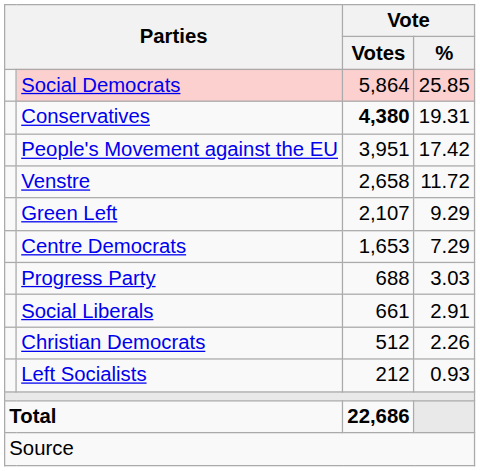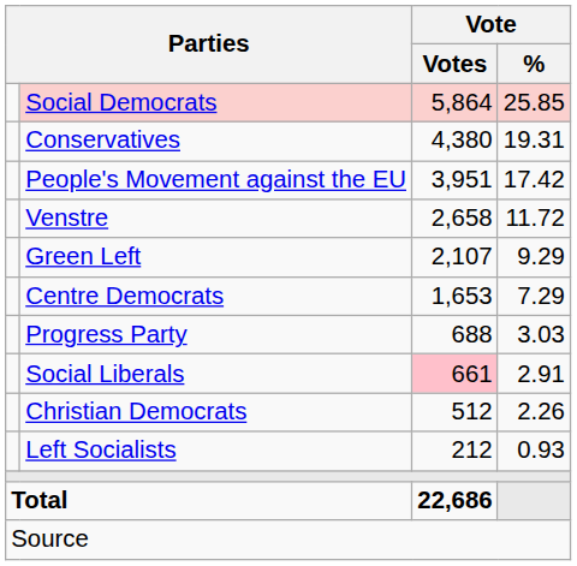 <table class="wikitable" style="text-align:right;">
 <tr>
 <th style="text-align:centre;" rowspan="2" colspan="2" width="225">Parties</th>
 <th colspan="3">Vote</th>
 </tr>
 <tr>
 <th width="15">Votes</th>
 <th width="15">%</th>
 </tr>
 <tr>
 <td width="2" style="color:inherit;background:"></td>
 <td bgcolor=#fbd0ce   align="left"><a href='#'>Social Democrats</a></td>
 <td bgcolor=#fbd0ce>5,864</td>
 <td bgcolor=#fbd0ce>25.85</td>
 </tr>
 <tr>
 <td width="2" style="color:inherit;background:"></td>
 <td align="left"><a href='#'>Conservatives</a></td>
-<td><strong>4,380</strong></td>
+<td>4,380</td>
 <td>19.31</td>
 </tr>
 <tr>
 <td width="2" style="color:inherit;background:"></td>
 <td align="left"><a href='#'>People's Movement against the EU</a></td>
 <td>3,951</td>
 <td>17.42</td>
 </tr>
 <tr>
 <td width="2" style="color:inherit;background:"></td>
 <td align="left"><a href='#'>Venstre</a></td>
 <td>2,658</td>
 <td>11.72</td>
 </tr>
 <tr>
 <td width="2" style="color:inherit;background:"></td>
 <td align="left"><a href='#'>Green Left</a></td>
 <td>2,107</td>
 <td>9.29</td>
 </tr>
 <tr>
 <td width="2" style="color:inherit;background:"></td>
 <td align="left"><a href='#'>Centre Democrats</a></td>
 <td>1,653</td>
 <td>7.29</td>
 </tr>
 <tr>
 <td width="2" style="color:inherit;background:"></td>
 <td align="left"><a href='#'>Progress Party</a></td>
 <td>688</td>
 <td>3.03</td>
 </tr>
 <tr>
 <td width="2" style="color:inherit;background:"></td>
 <td align="left"><a href='#'>Social Liberals</a></td>
-<td>661</td>
+<td style="background: pink;">661</td>
 <td>2.91</td>
 </tr>
 <tr>
 <td width="2" style="color:inherit;background:"></td>
 <td align="left"><a href='#'>Christian Democrats</a></td>
 <td>512</td>
 <td>2.26</td>
 </tr>
 <tr>
 <td width="2" style="color:inherit;background:"></td>
 <td align="left"><a href='#'>Left Socialists</a></td>
 <td>212</td>
 <td>0.93</td>
 </tr>
 <tr>
 <td colspan="7" bgcolor="#E9E9E9"></td>
 </tr>
 <tr>
 <td align="left" colspan="2"><strong>Total</strong></td>
 <td><strong>22,686</strong></td>
 <td bgcolor="#E9E9E9" colspan="2"></td>
 </tr>
 <tr>
 <td align="left" colspan="6">Source</td>
 </tr>
 </table>
